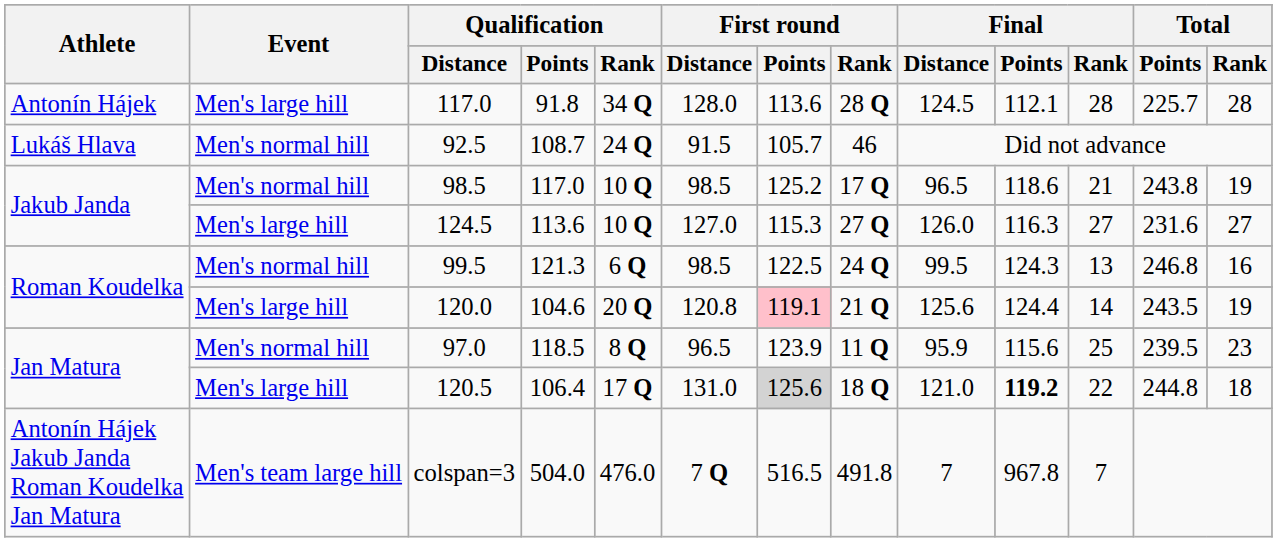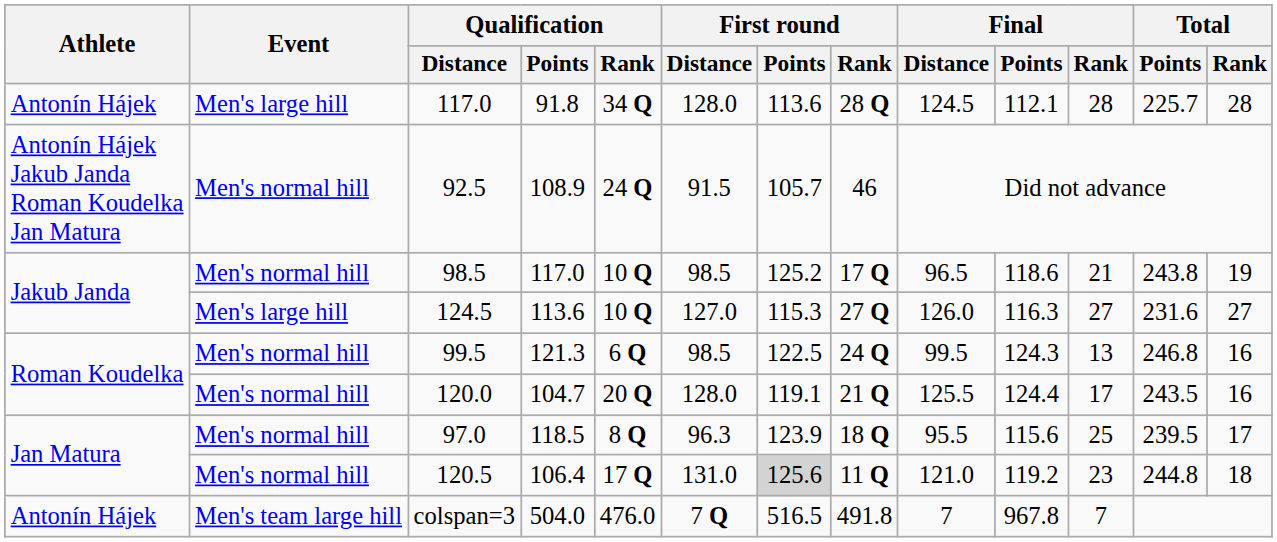 <table class="wikitable" style="font-size:90%">
 <tr>
 <th rowspan=2>Athlete</th>
 <th rowspan=2>Event</th>
 <th colspan=3>Qualification</th>
 <th colspan=3>First round</th>
 <th colspan=3>Final</th>
 <th colspan=2>Total</th>
 </tr>
 <tr style="font-size:95%">
 <th>Distance</th>
 <th>Points</th>
 <th>Rank</th>
 <th>Distance</th>
 <th>Points</th>
 <th>Rank</th>
 <th>Distance</th>
 <th>Points</th>
 <th>Rank</th>
 <th>Points</th>
 <th>Rank</th>
 </tr>
 <tr align=center>
 <td align=left><a href='#'>Antonín Hájek</a></td>
 <td align=left><a href='#'>Men's large hill</a></td>
 <td>117.0</td>
 <td>91.8</td>
 <td>34 <strong>Q</strong></td>
 <td>128.0</td>
 <td>113.6</td>
 <td>28 <strong>Q</strong></td>
 <td>124.5</td>
 <td>112.1</td>
 <td>28</td>
 <td>225.7</td>
 <td>28</td>
 </tr>
 <tr align=center>
-<td align=left><a href='#'>Lukáš Hlava</a></td>
+<td align=left><a href='#'>Antonín Hájek</a><br><a href='#'>Jakub Janda</a><br><a href='#'>Roman Koudelka</a><br><a href='#'>Jan Matura</a></td>
 <td align=left><a href='#'>Men's normal hill</a></td>
 <td>92.5</td>
-<td>108.7</td>
+<td>108.9</td>
 <td>24 <strong>Q</strong></td>
 <td>91.5</td>
 <td>105.7</td>
 <td>46</td>
 <td colspan=5>Did not advance</td>
 </tr>
 <tr align=center>
 <td align=left rowspan=2><a href='#'>Jakub Janda</a></td>
 <td align=left><a href='#'>Men's normal hill</a></td>
 <td>98.5</td>
 <td>117.0</td>
 <td>10 <strong>Q</strong></td>
 <td>98.5</td>
 <td>125.2</td>
 <td>17 <strong>Q</strong></td>
 <td>96.5</td>
 <td>118.6</td>
 <td>21</td>
 <td>243.8</td>
 <td>19</td>
 </tr>
 <tr align=center>
 <td align=left><a href='#'>Men's large hill</a></td>
 <td>124.5</td>
 <td>113.6</td>
 <td>10 <strong>Q</strong></td>
 <td>127.0</td>
 <td>115.3</td>
 <td>27 <strong>Q</strong></td>
 <td>126.0</td>
 <td>116.3</td>
 <td>27</td>
 <td>231.6</td>
 <td>27</td>
 </tr>
 <tr align=center>
 <td align=left rowspan=2><a href='#'>Roman Koudelka</a></td>
 <td align=left><a href='#'>Men's normal hill</a></td>
 <td>99.5</td>
 <td>121.3</td>
 <td>6 <strong>Q</strong></td>
 <td>98.5</td>
 <td>122.5</td>
 <td>24 <strong>Q</strong></td>
 <td>99.5</td>
 <td>124.3</td>
 <td>13</td>
 <td>246.8</td>
 <td>16</td>
 </tr>
 <tr align=center>
-<td align=left><a href='#'>Men's large hill</a></td>
+<td align=left><a href='#'>Men's normal hill</a></td>
 <td>120.0</td>
-<td>104.6</td>
+<td>104.7</td>
 <td>20 <strong>Q</strong></td>
-<td>120.8</td>
-<td style="background: pink;">119.1</td>
+<td>128.0</td>
+<td>119.1</td>
 <td>21 <strong>Q</strong></td>
-<td>125.6</td>
+<td>125.5</td>
 <td>124.4</td>
-<td>14</td>
+<td>17</td>
 <td>243.5</td>
-<td>19</td>
+<td>16</td>
 </tr>
 <tr align=center>
 <td align=left rowspan=2><a href='#'>Jan Matura</a></td>
 <td align=left><a href='#'>Men's normal hill</a></td>
 <td>97.0</td>
 <td>118.5</td>
 <td>8 <strong>Q</strong></td>
-<td>96.5</td>
+<td>96.3</td>
 <td>123.9</td>
-<td>11 <strong>Q</strong></td>
-<td>95.9</td>
+<td>18 <strong>Q</strong></td>
+<td>95.5</td>
 <td>115.6</td>
 <td>25</td>
 <td>239.5</td>
-<td>23</td>
+<td>17</td>
 </tr>
 <tr align=center>
-<td align=left><a href='#'>Men's large hill</a></td>
+<td align=left><a href='#'>Men's normal hill</a></td>
 <td>120.5</td>
 <td>106.4</td>
 <td>17 <strong>Q</strong></td>
 <td>131.0</td>
 <td style="background: lightgrey;">125.6</td>
-<td>18 <strong>Q</strong></td>
+<td>11 <strong>Q</strong></td>
 <td>121.0</td>
-<td><strong>119.2</strong></td>
-<td>22</td>
+<td>119.2</td>
+<td>23</td>
 <td>244.8</td>
 <td>18</td>
 </tr>
 <tr align=center>
-<td align=left><a href='#'>Antonín Hájek</a><br><a href='#'>Jakub Janda</a><br><a href='#'>Roman Koudelka</a><br><a href='#'>Jan Matura</a></td>
+<td align=left><a href='#'>Antonín Hájek</a></td>
 <td align=left><a href='#'>Men's team large hill</a></td>
 <td>colspan=3 </td>
 <td>504.0</td>
 <td>476.0</td>
 <td>7 <strong>Q</strong></td>
 <td>516.5</td>
 <td>491.8</td>
 <td>7</td>
 <td>967.8</td>
 <td>7</td>
 </tr>
 </table>
